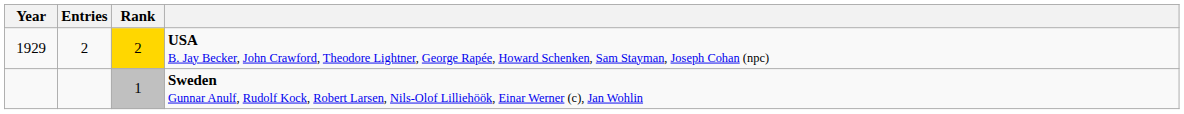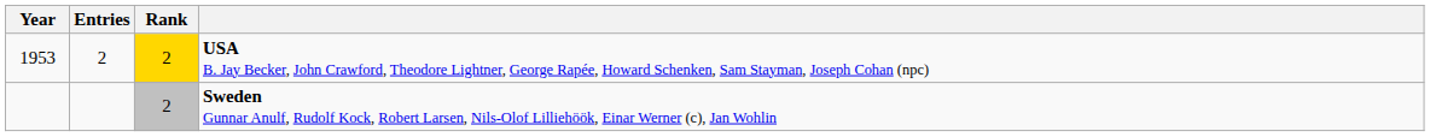 <table class="wikitable" style="width:100%; text-align:center;">
 <tr>
 <th>Year</th>
 <th>Entries</th>
 <th>Rank</th>
 <th></th>
 </tr>
 <tr>
-<td width=50px>1929</td>
+<td width=50px>1953</td>
 <td width=50px>2</td>
 <td style="background:gold; width:50px;">2</td>
 <td align=left> <strong>USA</strong><br><small><a href='#'>B. Jay Becker</a>, <a href='#'>John Crawford</a>, <a href='#'>Theodore Lightner</a>, <a href='#'>George Rapée</a>, <a href='#'>Howard Schenken</a>, <a href='#'>Sam Stayman</a>, <a href='#'>Joseph Cohan</a> (npc)</small></td>
 </tr>
 <tr>
 <td></td>
 <td></td>
-<td style="background:silver;">1</td>
+<td style="background:silver;">2</td>
 <td align=left> <strong>Sweden</strong><br><small><a href='#'>Gunnar Anulf</a>, <a href='#'>Rudolf Kock</a>, <a href='#'>Robert Larsen</a>, <a href='#'>Nils-Olof Lilliehöök</a>, <a href='#'>Einar Werner</a> (c), <a href='#'>Jan Wohlin</a></small></td>
 </tr>
 </table>
